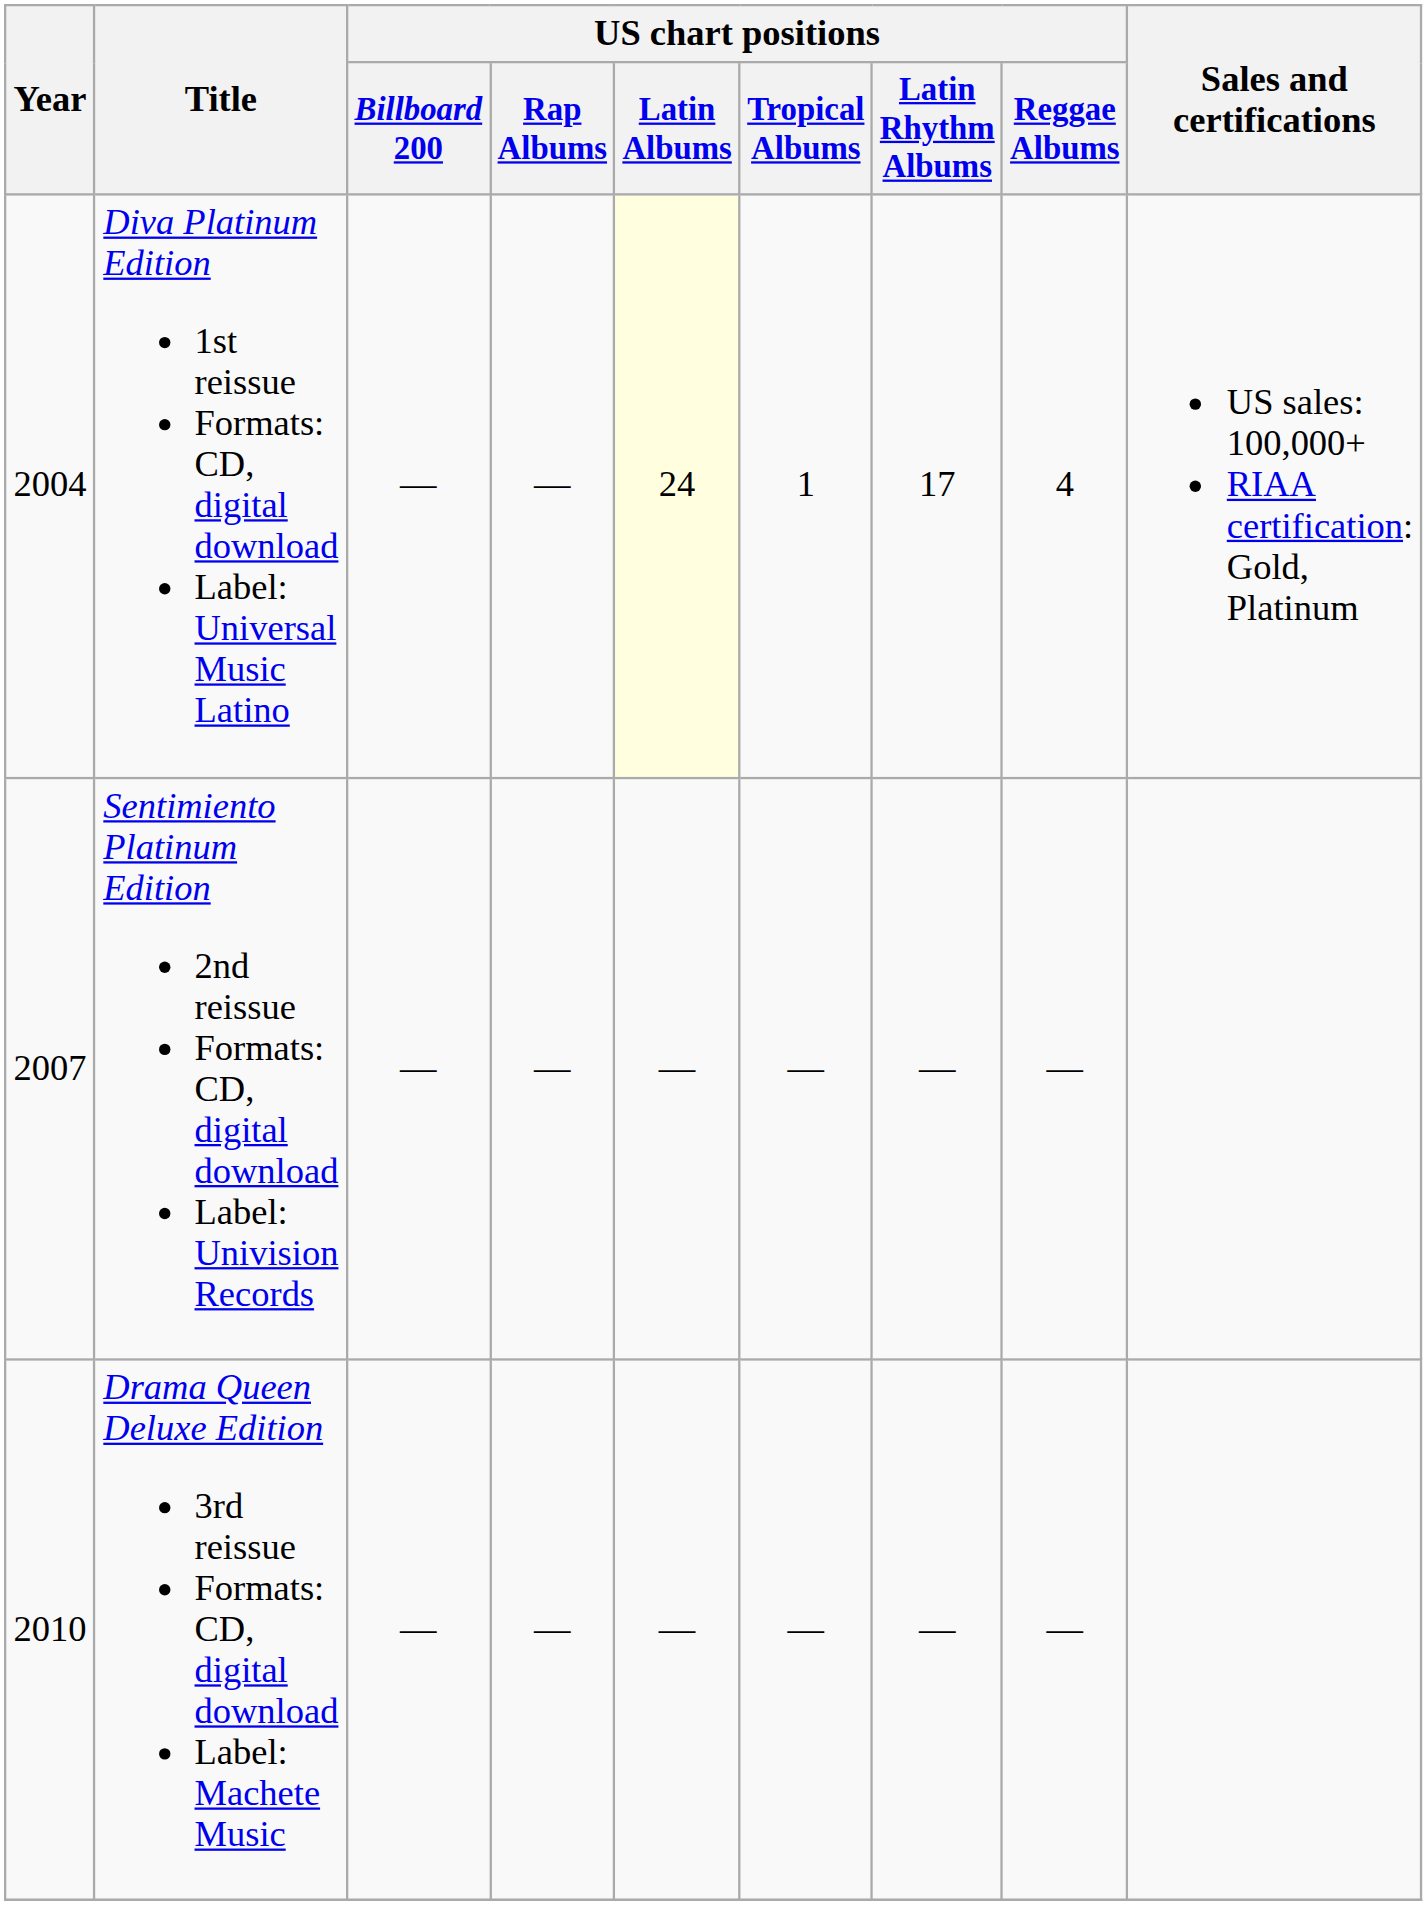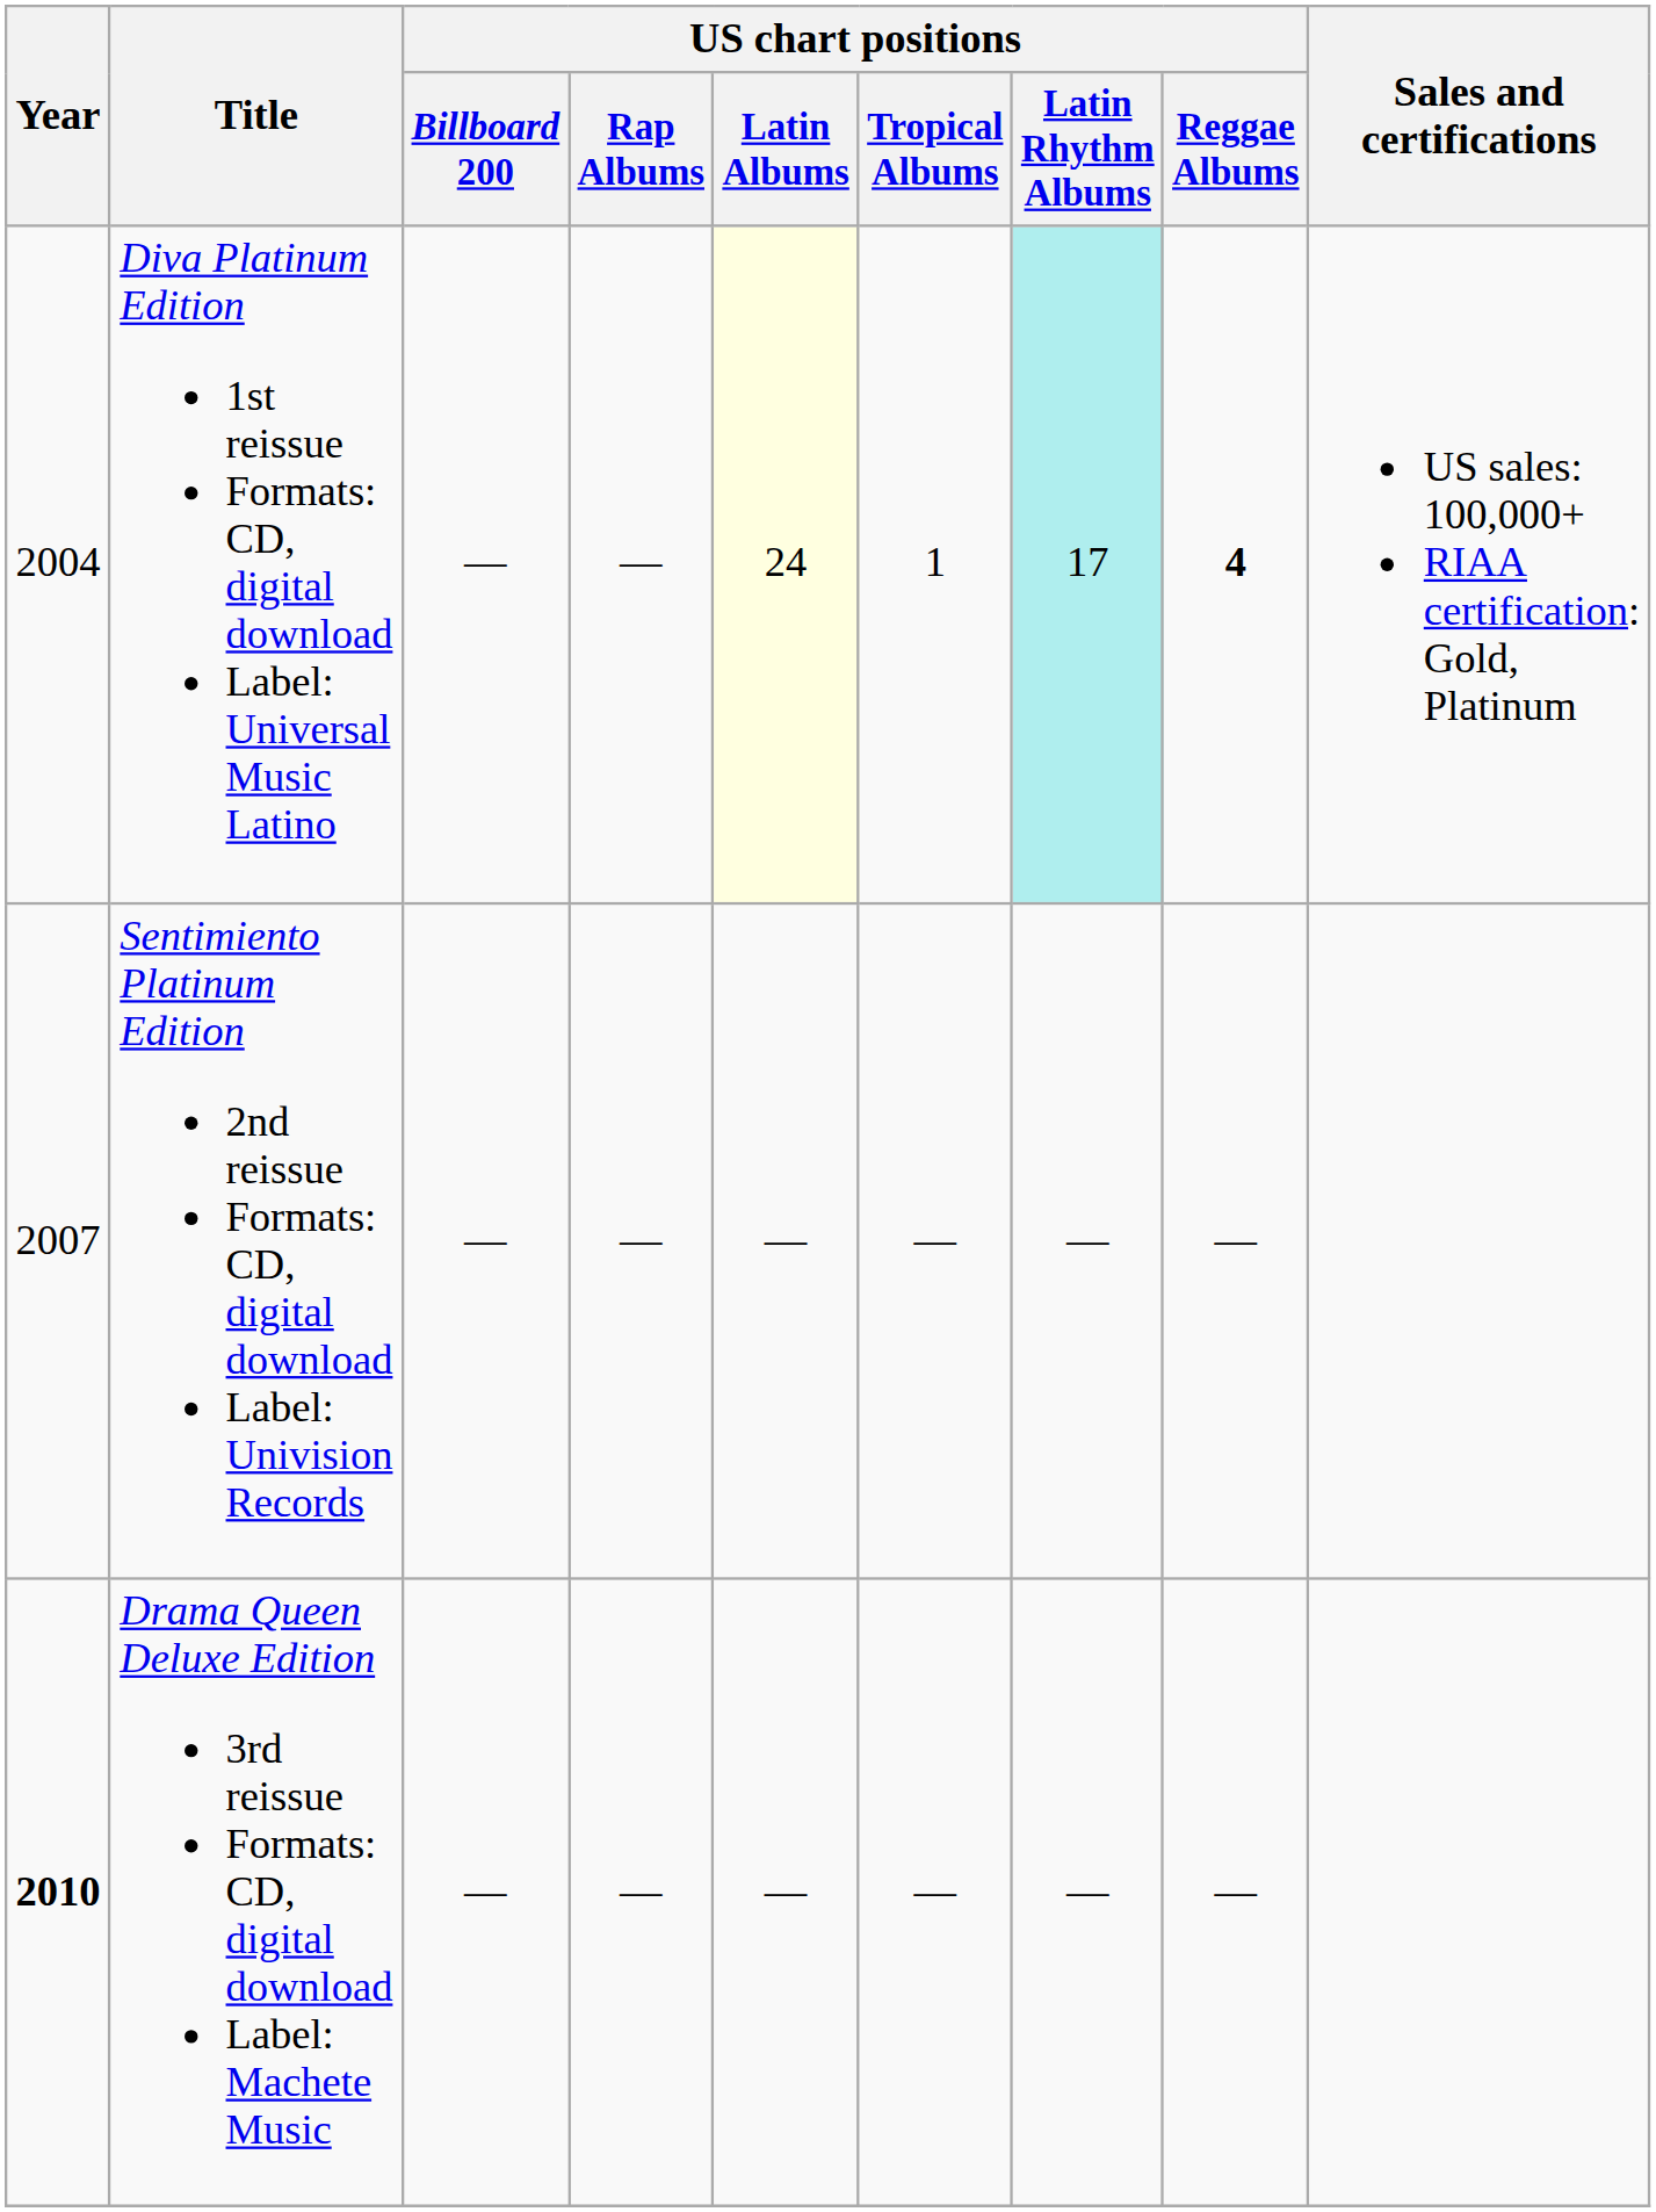 <table class="wikitable">
 <tr>
 <th rowspan="2">Year</th>
 <th rowspan="2">Title</th>
 <th colspan="6">US chart positions</th>
 <th rowspan="2">Sales and certifications</th>
 </tr>
 <tr>
 <th style="width:4em;font-size:90%"><a href='#'><em>Billboard</em> 200</a><br></th>
 <th style="width:4em;font-size:90%"><a href='#'>Rap Albums</a><br></th>
 <th style="width:4em;font-size:90%"><a href='#'>Latin Albums</a><br></th>
 <th style="width:4em;font-size:90%"><a href='#'>Tropical Albums</a><br></th>
 <th style="width:4em;font-size:90%"><a href='#'>Latin Rhythm Albums</a><br></th>
 <th style="width:4em;font-size:90%"><a href='#'>Reggae Albums</a><br></th>
 </tr>
 <tr>
 <td>2004</td>
 <td><em><a href='#'>Diva Platinum Edition</a></em><br><ul><li>1st reissue</li><li>Formats: CD, <a href='#'>digital download</a></li><li>Label: <a href='#'>Universal Music Latino</a></li></ul></td>
 <td align="center">—</td>
 <td align="center">—</td>
 <td align="center" style="background: lightyellow;">24</td>
 <td align="center">1</td>
-<td align="center">17</td>
-<td align="center">4</td>
+<td align="center" style="background: paleturquoise;">17</td>
+<td align="center"><strong>4</strong></td>
 <td><br><ul><li>US sales: 100,000+</li><li><a href='#'>RIAA certification</a>: Gold, Platinum</li></ul></td>
 </tr>
 <tr>
 <td>2007</td>
 <td><em><a href='#'>Sentimiento Platinum Edition</a></em><br><ul><li>2nd reissue</li><li>Formats: CD, <a href='#'>digital download</a></li><li>Label: <a href='#'>Univision Records</a></li></ul></td>
 <td align="center">—</td>
 <td align="center">—</td>
 <td align="center">—</td>
 <td align="center">—</td>
 <td align="center">—</td>
 <td align="center">—</td>
 <td></td>
 </tr>
 <tr>
-<td>2010</td>
+<td><strong>2010</strong></td>
 <td><em><a href='#'>Drama Queen Deluxe Edition</a></em><br><ul><li>3rd reissue</li><li>Formats: CD, <a href='#'>digital download</a></li><li>Label: <a href='#'>Machete Music</a></li></ul></td>
 <td align="center">—</td>
 <td align="center">—</td>
 <td align="center">—</td>
 <td align="center">—</td>
 <td align="center">—</td>
 <td align="center">—</td>
 <td></td>
 </tr>
 <tr>
 </tr>
 </table>
